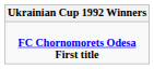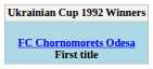 <table class="wikitable" style="text-align: center; margin: 0 auto;">
 <tr>
 <th>Ukrainian Cup 1992 Winners</th>
 </tr>
 <tr>
-<td><br><strong><a href='#'>FC Chornomorets Odesa</a></strong><br><strong>First title</strong></td>
+<td style="background: lightblue;"><br><strong><a href='#'>FC Chornomorets Odesa</a></strong><br><strong>First title</strong></td>
 </tr>
 </table>
